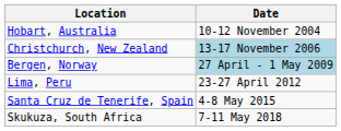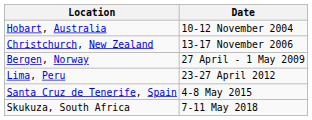 <table class="wikitable">
 <tr>
 <th>Location</th>
 <th>Date</th>
 </tr>
 <tr>
 <td><a href='#'>Hobart</a>, <a href='#'>Australia</a></td>
 <td>10-12 November 2004</td>
 </tr>
 <tr>
 <td><a href='#'>Christchurch</a>, <a href='#'>New Zealand</a></td>
-<td style="background: lightblue;">13-17 November 2006</td>
+<td>13-17 November 2006</td>
 </tr>
 <tr>
 <td><a href='#'>Bergen</a>, <a href='#'>Norway</a></td>
-<td style="background: lightblue;">27 April - 1 May 2009</td>
+<td>27 April - 1 May 2009</td>
 </tr>
 <tr>
 <td><a href='#'>Lima</a>, <a href='#'>Peru</a></td>
 <td>23-27 April 2012</td>
 </tr>
 <tr>
 <td><a href='#'>Santa Cruz de Tenerife</a>, <a href='#'>Spain</a></td>
 <td>4-8 May 2015</td>
 </tr>
 <tr>
 <td>Skukuza, South Africa</td>
 <td>7-11 May 2018</td>
 </tr>
 </table>
